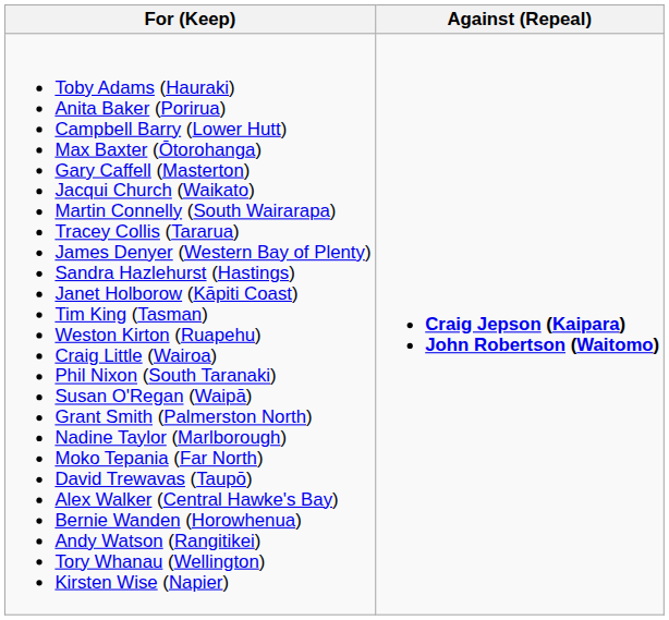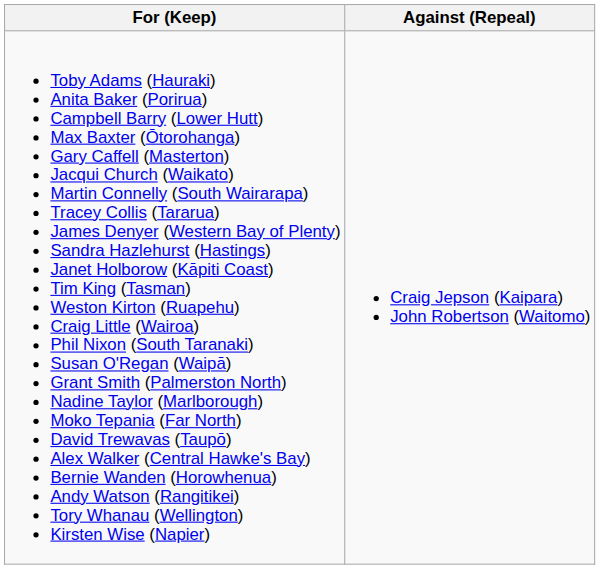 <table class="wikitable mw-collapsible">
 <tr>
 <th>For  (Keep)</th>
 <th>Against  (Repeal)</th>
 </tr>
 <tr>
 <td><br><ul><li><a href='#'>Toby Adams</a> (<a href='#'>Hauraki</a>)</li><li><a href='#'>Anita Baker</a> (<a href='#'>Porirua</a>)</li><li><a href='#'>Campbell Barry</a> (<a href='#'>Lower Hutt</a>)</li><li><a href='#'>Max Baxter</a> (<a href='#'>Ōtorohanga</a>)</li><li><a href='#'>Gary Caffell</a> (<a href='#'>Masterton</a>)</li><li><a href='#'>Jacqui Church</a> (<a href='#'>Waikato</a>)</li><li><a href='#'>Martin Connelly</a> (<a href='#'>South Wairarapa</a>)</li><li><a href='#'>Tracey Collis</a> (<a href='#'>Tararua</a>)</li><li><a href='#'>James Denyer</a> (<a href='#'>Western Bay of Plenty</a>)</li><li><a href='#'>Sandra Hazlehurst</a> (<a href='#'>Hastings</a>)</li><li><a href='#'>Janet Holborow</a> (<a href='#'>Kāpiti Coast</a>)</li><li><a href='#'>Tim King</a> (<a href='#'>Tasman</a>)</li><li><a href='#'>Weston Kirton</a> (<a href='#'>Ruapehu</a>)</li><li><a href='#'>Craig Little</a> (<a href='#'>Wairoa</a>)</li><li><a href='#'>Phil Nixon</a> (<a href='#'>South Taranaki</a>)</li><li><a href='#'>Susan O'Regan</a> (<a href='#'>Waipā</a>)</li><li><a href='#'>Grant Smith</a> (<a href='#'>Palmerston North</a>)</li><li><a href='#'>Nadine Taylor</a> (<a href='#'>Marlborough</a>)</li><li><a href='#'>Moko Tepania</a> (<a href='#'>Far North</a>)</li><li><a href='#'>David Trewavas</a> (<a href='#'>Taupō</a>)</li><li><a href='#'>Alex Walker</a> (<a href='#'>Central Hawke's Bay</a>)</li><li><a href='#'>Bernie Wanden</a> (<a href='#'>Horowhenua</a>)</li><li><a href='#'>Andy Watson</a> (<a href='#'>Rangitikei</a>)</li><li><a href='#'>Tory Whanau</a> (<a href='#'>Wellington</a>)</li><li><a href='#'>Kirsten Wise</a> (<a href='#'>Napier</a>)</li></ul></td>
-<td><strong><br><ul><li><a href='#'>Craig Jepson</a> (<a href='#'>Kaipara</a>)</li><li><a href='#'>John Robertson</a> (<a href='#'>Waitomo</a>)</li></ul></strong></td>
+<td><br><ul><li><a href='#'>Craig Jepson</a> (<a href='#'>Kaipara</a>)</li><li><a href='#'>John Robertson</a> (<a href='#'>Waitomo</a>)</li></ul></td>
 </tr>
 </table>
